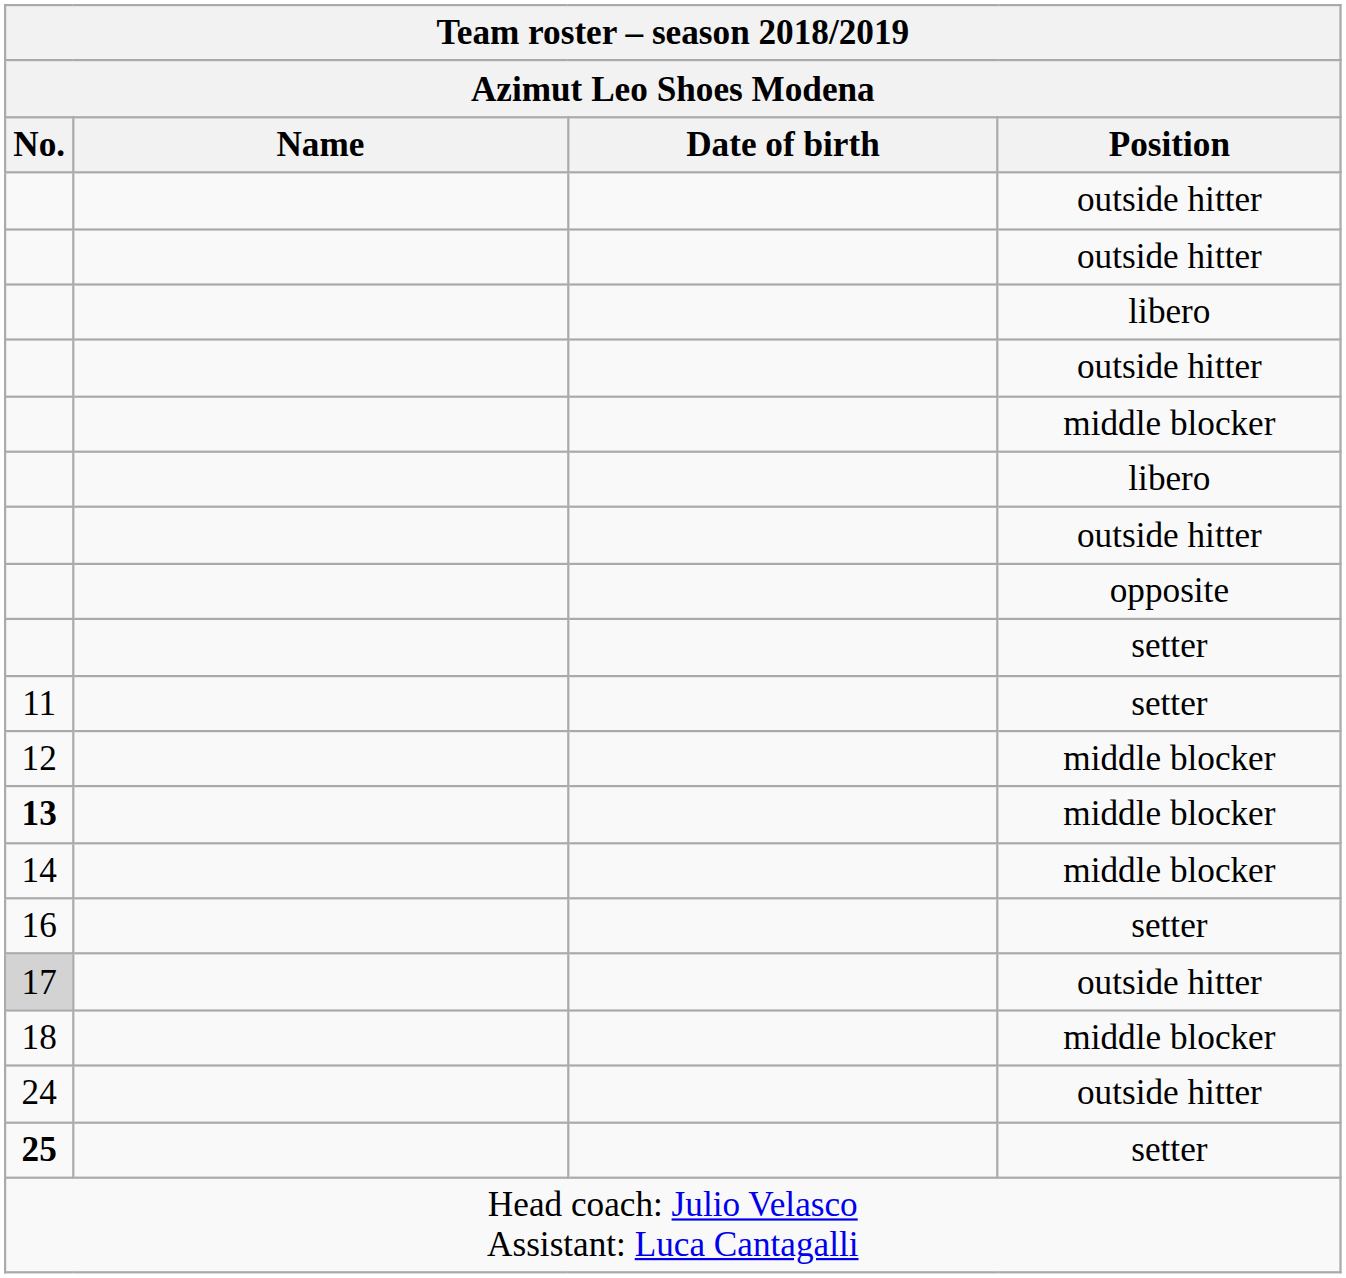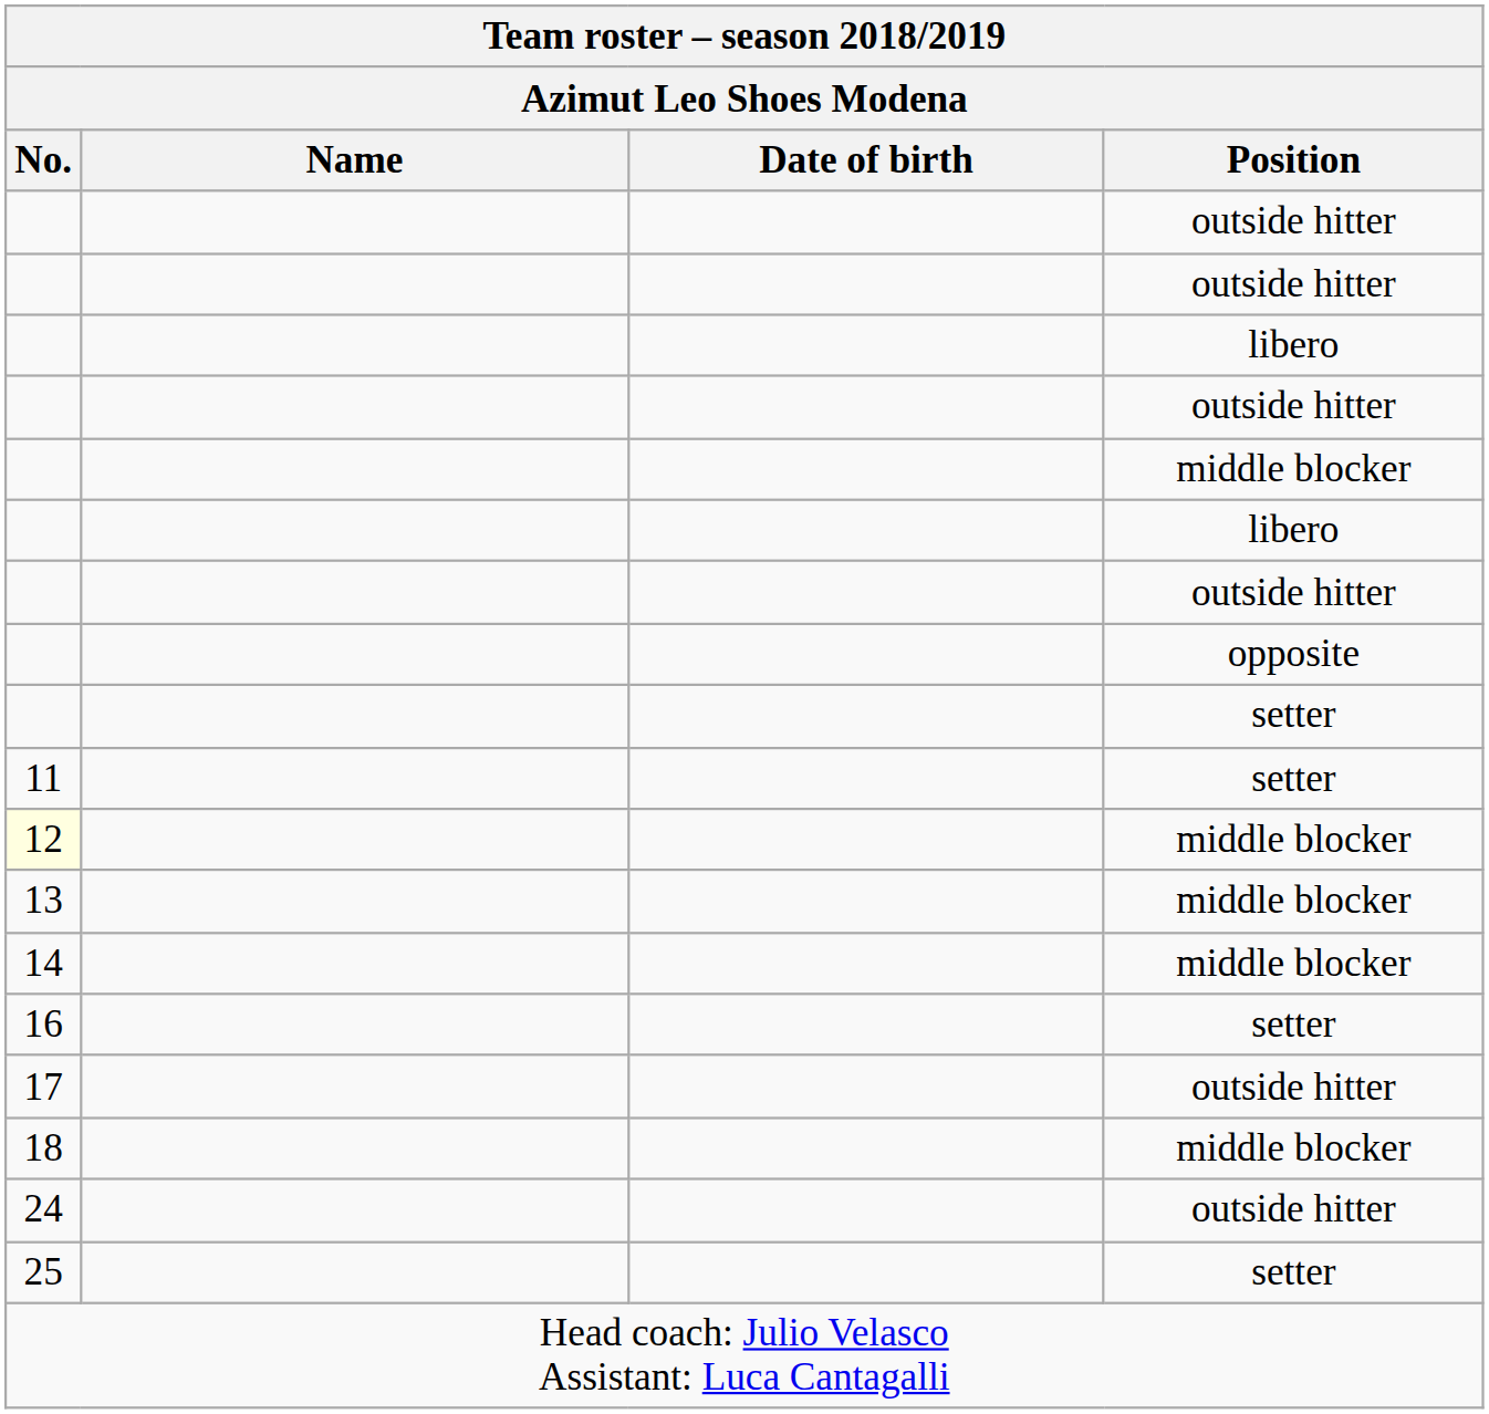 <table class="wikitable collapsible collapsed sortable" style="font-size:100%; text-align:center;">
 <tr>
 <th colspan=6>Team roster – season 2018/2019</th>
 </tr>
 <tr>
 <th colspan=6>Azimut Leo Shoes Modena</th>
 </tr>
 <tr>
 <th>No.</th>
 <th style="width:15em">Name</th>
 <th style="width:13em">Date of birth</th>
 <th style="width:10em">Position</th>
 </tr>
 <tr>
 <td></td>
 <td align=left> </td>
 <td align=right></td>
 <td>outside hitter</td>
 </tr>
 <tr>
 <td></td>
 <td align=left> </td>
 <td align=right></td>
 <td>outside hitter</td>
 </tr>
 <tr>
 <td></td>
 <td align=left> </td>
 <td align=right></td>
 <td>libero</td>
 </tr>
 <tr>
 <td></td>
 <td align=left> </td>
 <td align=right></td>
 <td>outside hitter</td>
 </tr>
 <tr>
 <td></td>
 <td align=left> </td>
 <td align=right></td>
 <td>middle blocker</td>
 </tr>
 <tr>
 <td></td>
 <td align=left> </td>
 <td align=right></td>
 <td>libero</td>
 </tr>
 <tr>
 <td></td>
 <td align=left> </td>
 <td align=right></td>
 <td>outside hitter</td>
 </tr>
 <tr>
 <td></td>
 <td align=left> </td>
 <td align=right></td>
 <td>opposite</td>
 </tr>
 <tr>
 <td></td>
 <td align=left> </td>
 <td align=right></td>
 <td>setter</td>
 </tr>
 <tr>
 <td>11</td>
 <td align=left> </td>
 <td align=right></td>
 <td>setter</td>
 </tr>
 <tr>
-<td>12</td>
+<td style="background: lightyellow;">12</td>
 <td align=left> </td>
 <td align=right></td>
 <td>middle blocker</td>
 </tr>
 <tr>
-<td><strong>13</strong></td>
+<td>13</td>
 <td align=left> </td>
 <td align=right></td>
 <td>middle blocker</td>
 </tr>
 <tr>
 <td>14</td>
 <td align=left> </td>
 <td align=right></td>
 <td>middle blocker</td>
 </tr>
 <tr>
 <td>16</td>
 <td align=left> </td>
 <td align=right></td>
 <td>setter</td>
 </tr>
 <tr>
-<td style="background: lightgrey;">17</td>
+<td>17</td>
 <td align=left> </td>
 <td align=right></td>
 <td>outside hitter</td>
 </tr>
 <tr>
 <td>18</td>
 <td align=left> </td>
 <td align=right></td>
 <td>middle blocker</td>
 </tr>
 <tr>
 <td>24</td>
 <td align=left> </td>
 <td align=right></td>
 <td>outside hitter</td>
 </tr>
 <tr>
-<td><strong>25</strong></td>
+<td>25</td>
 <td align=left> </td>
 <td align=right></td>
 <td>setter</td>
 </tr>
 <tr>
 <td colspan=4>Head coach: <a href='#'>Julio Velasco</a><br>Assistant: <a href='#'>Luca Cantagalli</a></td>
 </tr>
 </table>
